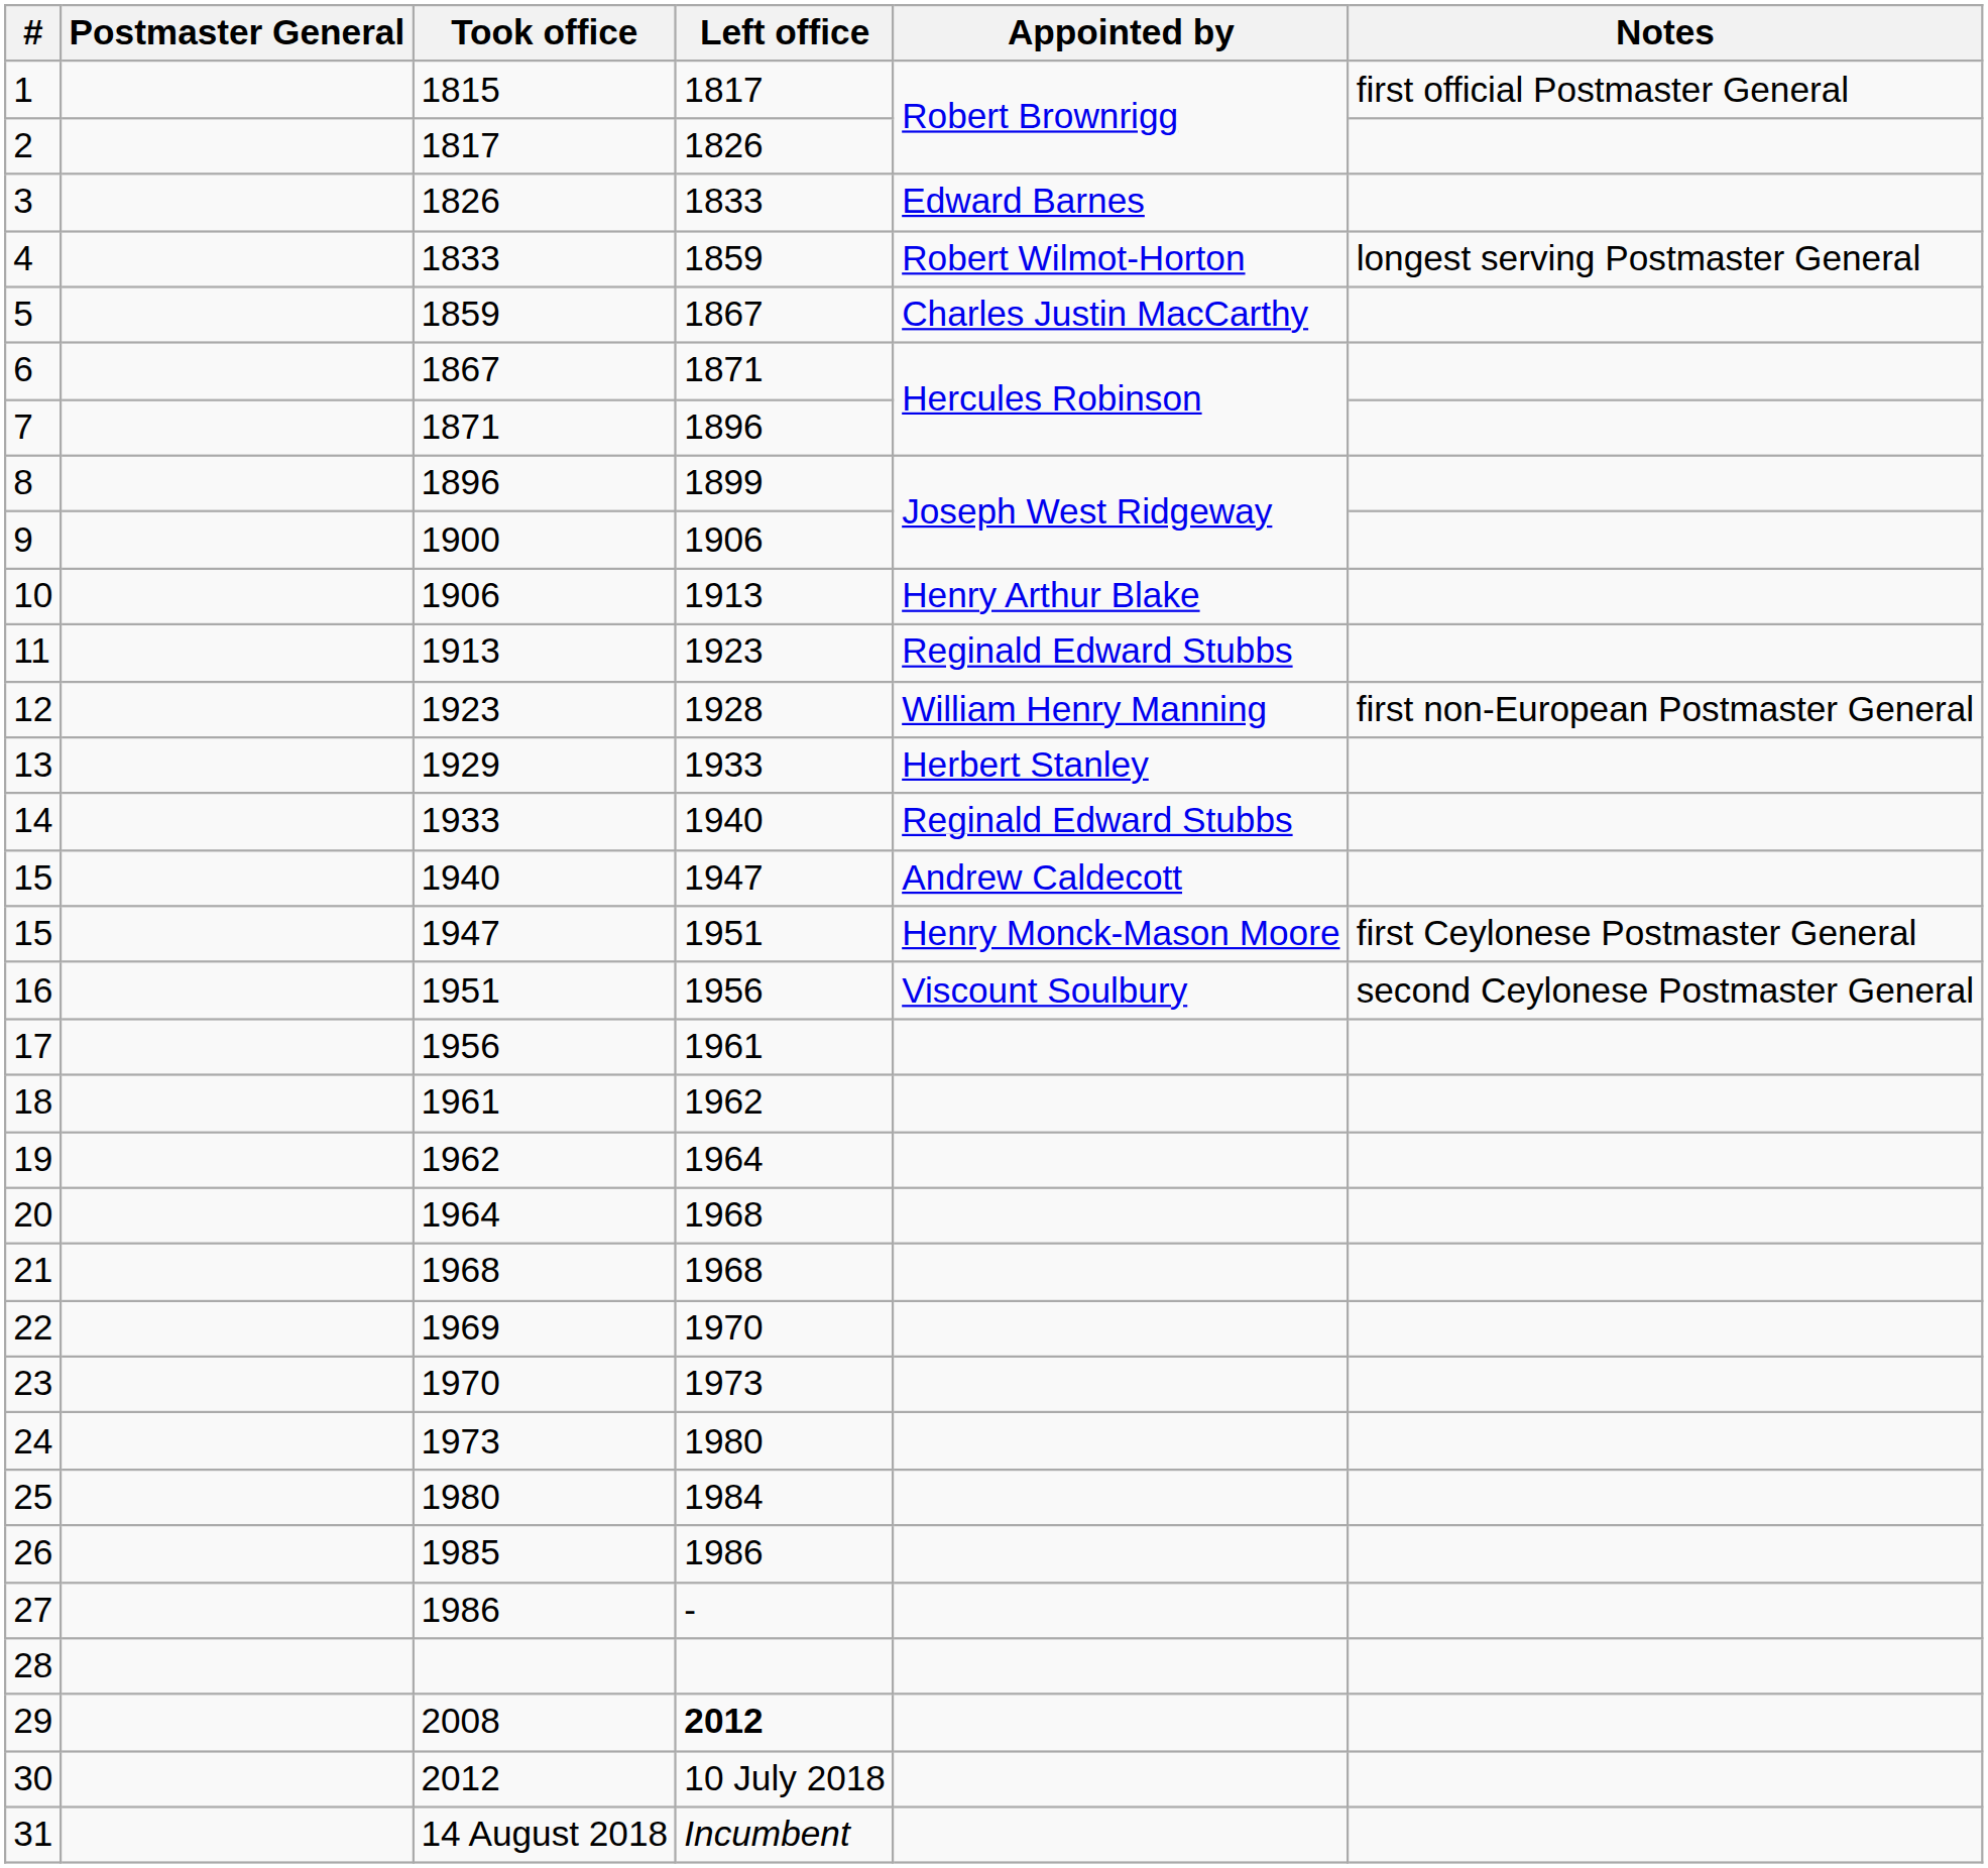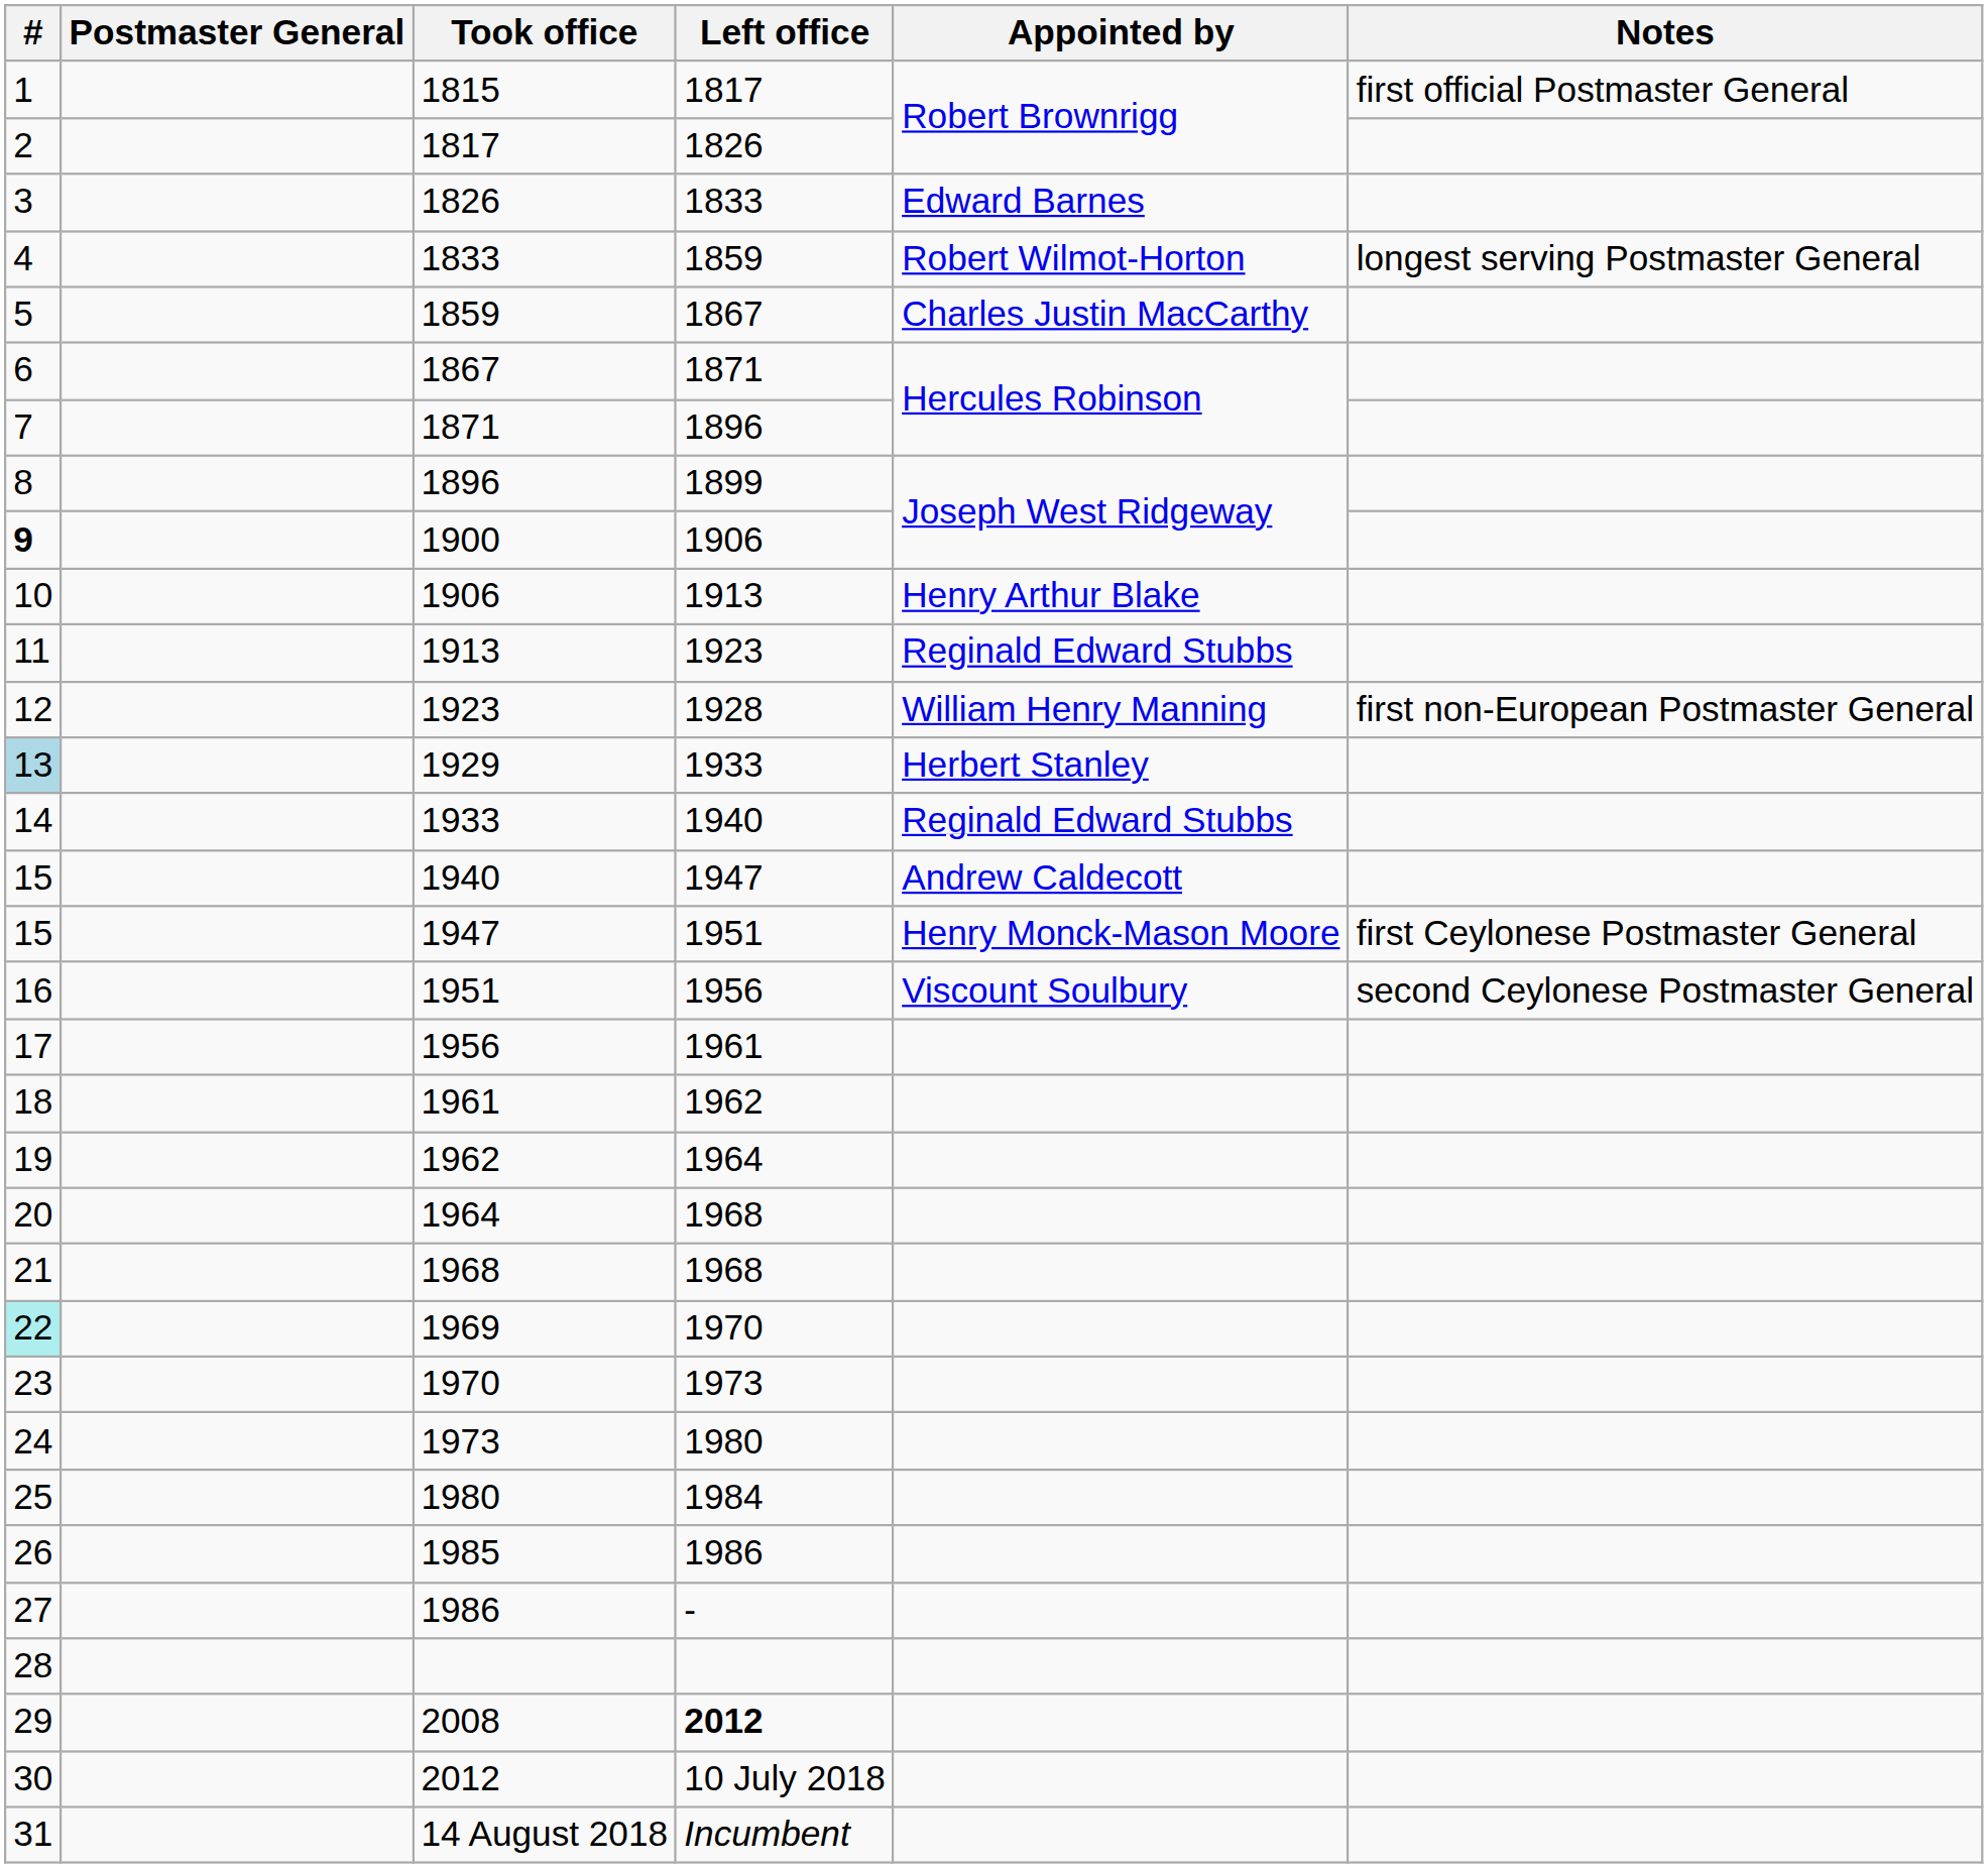 <table class="wikitable sortable">
 <tr>
 <th>#</th>
 <th>Postmaster General</th>
 <th>Took office</th>
 <th>Left office</th>
 <th>Appointed by</th>
 <th>Notes</th>
 </tr>
 <tr>
 <td>1</td>
 <td></td>
 <td>1815</td>
 <td>1817</td>
 <td rowspan=2><a href='#'>Robert Brownrigg</a></td>
 <td>first official Postmaster General</td>
 </tr>
 <tr>
 <td>2</td>
 <td></td>
 <td>1817</td>
 <td>1826</td>
 <td></td>
 </tr>
 <tr>
 <td>3</td>
 <td></td>
 <td>1826</td>
 <td>1833</td>
 <td><a href='#'>Edward Barnes</a></td>
 <td></td>
 </tr>
 <tr>
 <td>4</td>
 <td></td>
 <td>1833</td>
 <td>1859</td>
 <td><a href='#'>Robert Wilmot-Horton</a></td>
 <td>longest serving Postmaster General</td>
 </tr>
 <tr>
 <td>5</td>
 <td></td>
 <td>1859</td>
 <td>1867</td>
 <td><a href='#'>Charles Justin MacCarthy</a></td>
 <td></td>
 </tr>
 <tr>
 <td>6</td>
 <td></td>
 <td>1867</td>
 <td>1871</td>
 <td rowspan=2><a href='#'>Hercules Robinson</a></td>
 <td></td>
 </tr>
 <tr>
 <td>7</td>
 <td></td>
 <td>1871</td>
 <td>1896</td>
 <td></td>
 </tr>
 <tr>
 <td>8</td>
 <td></td>
 <td>1896</td>
 <td>1899</td>
 <td rowspan=2><a href='#'>Joseph West Ridgeway</a></td>
 <td></td>
 </tr>
 <tr>
-<td>9</td>
+<td><strong>9</strong></td>
 <td></td>
 <td>1900</td>
 <td>1906</td>
 <td></td>
 </tr>
 <tr>
 <td>10</td>
 <td></td>
 <td>1906</td>
 <td>1913</td>
 <td><a href='#'>Henry Arthur Blake</a></td>
 <td></td>
 </tr>
 <tr>
 <td>11</td>
 <td></td>
 <td>1913</td>
 <td>1923</td>
 <td><a href='#'>Reginald Edward Stubbs</a></td>
 <td></td>
 </tr>
 <tr>
 <td>12</td>
 <td></td>
 <td>1923</td>
 <td>1928</td>
 <td><a href='#'>William Henry Manning</a></td>
 <td>first non-European Postmaster General</td>
 </tr>
 <tr>
-<td>13</td>
+<td style="background: lightblue;">13</td>
 <td></td>
 <td>1929</td>
 <td>1933</td>
 <td><a href='#'>Herbert Stanley</a></td>
 <td></td>
 </tr>
 <tr>
 <td>14</td>
 <td></td>
 <td>1933</td>
 <td>1940</td>
 <td><a href='#'>Reginald Edward Stubbs</a></td>
 <td></td>
 </tr>
 <tr>
 <td>15</td>
 <td></td>
 <td>1940</td>
 <td>1947</td>
 <td><a href='#'>Andrew Caldecott</a></td>
 <td></td>
 </tr>
 <tr>
 <td>15</td>
 <td></td>
 <td>1947</td>
 <td>1951</td>
 <td><a href='#'>Henry Monck-Mason Moore</a></td>
 <td>first Ceylonese Postmaster General</td>
 </tr>
 <tr>
 <td>16</td>
 <td></td>
 <td>1951</td>
 <td>1956</td>
 <td><a href='#'>Viscount Soulbury</a></td>
 <td>second Ceylonese Postmaster General</td>
 </tr>
 <tr>
 <td>17</td>
 <td></td>
 <td>1956</td>
 <td>1961</td>
 <td></td>
 <td></td>
 </tr>
 <tr>
 <td>18</td>
 <td></td>
 <td>1961</td>
 <td>1962</td>
 <td></td>
 <td></td>
 </tr>
 <tr>
 <td>19</td>
 <td></td>
 <td>1962</td>
 <td>1964</td>
 <td></td>
 <td></td>
 </tr>
 <tr>
 <td>20</td>
 <td></td>
 <td>1964</td>
 <td>1968</td>
 <td></td>
 <td></td>
 </tr>
 <tr>
 <td>21</td>
 <td></td>
 <td>1968</td>
 <td>1968</td>
 <td></td>
 <td></td>
 </tr>
 <tr>
-<td>22</td>
+<td style="background: paleturquoise;">22</td>
 <td></td>
 <td>1969</td>
 <td>1970</td>
 <td></td>
 <td></td>
 </tr>
 <tr>
 <td>23</td>
 <td></td>
 <td>1970</td>
 <td>1973</td>
 <td></td>
 <td></td>
 </tr>
 <tr>
 <td>24</td>
 <td></td>
 <td>1973</td>
 <td>1980</td>
 <td></td>
 <td></td>
 </tr>
 <tr>
 <td>25</td>
 <td></td>
 <td>1980</td>
 <td>1984</td>
 <td></td>
 <td></td>
 </tr>
 <tr>
 <td>26</td>
 <td></td>
 <td>1985</td>
 <td>1986</td>
 <td></td>
 <td></td>
 </tr>
 <tr>
 <td>27</td>
 <td></td>
 <td>1986</td>
 <td>-</td>
 <td></td>
 <td></td>
 </tr>
 <tr>
 <td>28</td>
 <td></td>
 <td></td>
 <td></td>
 <td></td>
 <td></td>
 </tr>
 <tr>
 <td>29</td>
 <td></td>
 <td>2008</td>
 <td><strong>2012</strong></td>
 <td></td>
 <td></td>
 </tr>
 <tr>
 <td>30</td>
 <td></td>
 <td>2012</td>
 <td>10 July 2018</td>
 <td></td>
 <td></td>
 </tr>
 <tr>
 <td>31</td>
 <td></td>
 <td>14 August 2018</td>
 <td><em>Incumbent</em></td>
 <td></td>
 <td></td>
 </tr>
 </table>
